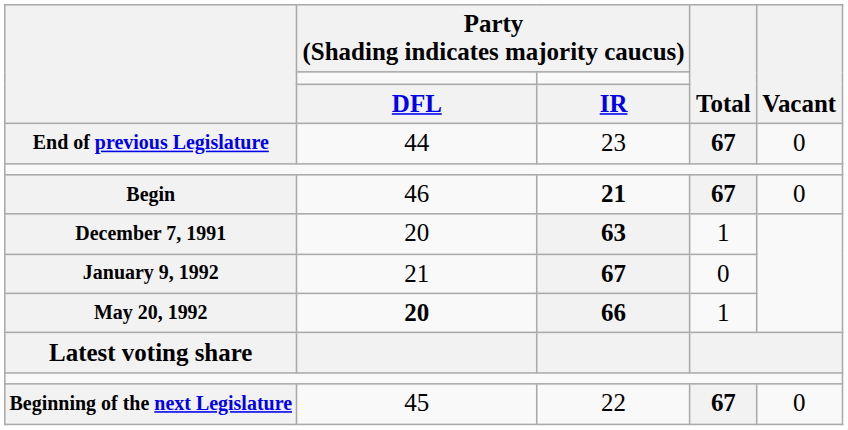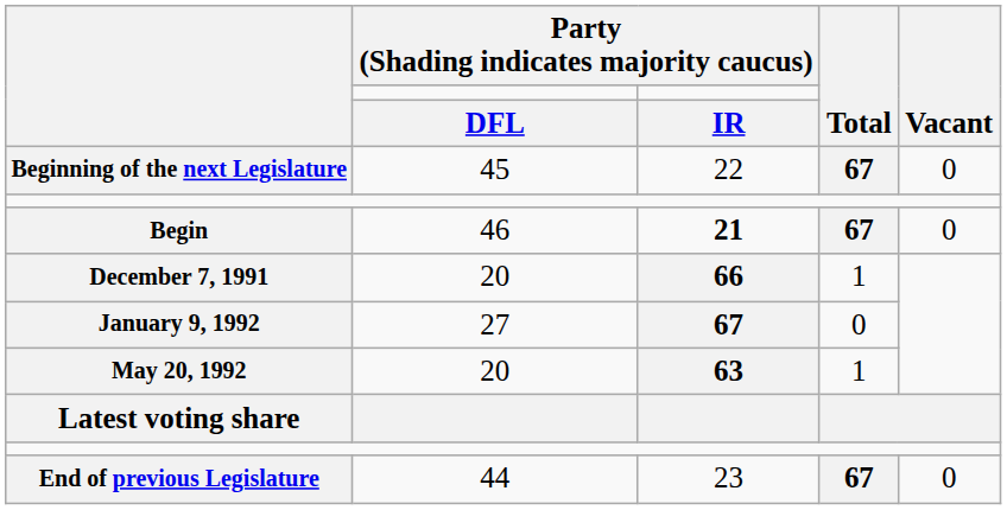 <table class=wikitable style="text-align:center">
 <tr style="vertical-align:bottom;">
 <th rowspan=3></th>
 <th colspan=2>Party <div>(Shading indicates majority caucus)</div></th>
 <th rowspan=3>Total</th>
 <th rowspan=3>Vacant</th>
 </tr>
 <tr style="height:5px">
 <td style="background-color:"></td>
 <td style="background-color:"></td>
 </tr>
 <tr>
 <th><a href='#'>DFL</a></th>
 <th><a href='#'>IR</a></th>
 </tr>
 <tr>
-<th style="white-space:nowrap; font-size:80%;">End of <a href='#'>previous Legislature</a></th>
-<td>44</td>
-<td>23</td>
+<th style="white-space:nowrap; font-size:80%;">Beginning of the <a href='#'>next Legislature</a></th>
+<td>45</td>
+<td>22</td>
 <th>67</th>
 <td>0</td>
 </tr>
 <tr>
 <td colspan=5></td>
 </tr>
 <tr>
 <th style="font-size:80%">Begin</th>
 <td>46</td>
 <td><strong>21</strong></td>
 <th>67</th>
 <td>0</td>
 </tr>
 <tr>
 <th style="font-size:80%">December 7, 1991 </th>
 <td>20</td>
-<th>63</th>
+<th>66</th>
 <td>1</td>
 </tr>
 <tr>
 <th style="font-size:80%">January 9, 1992 </th>
-<td>21</td>
+<td>27</td>
 <th>67</th>
 <td>0</td>
 </tr>
 <tr>
 <th style="font-size:80%">May 20, 1992 </th>
-<td><strong>20</strong></td>
-<th>66</th>
+<td>20</td>
+<th>63</th>
 <td>1</td>
 </tr>
 <tr>
 <th>Latest voting share</th>
 <th></th>
 <th></th>
 <th colspan=2></th>
 </tr>
 <tr>
 <td colspan=5></td>
 </tr>
 <tr>
-<th style="white-space:nowrap; font-size:80%;">Beginning of the <a href='#'>next Legislature</a></th>
-<td>45</td>
-<td>22</td>
+<th style="white-space:nowrap; font-size:80%;">End of <a href='#'>previous Legislature</a></th>
+<td>44</td>
+<td>23</td>
 <th>67</th>
 <td>0</td>
 </tr>
 </table>
